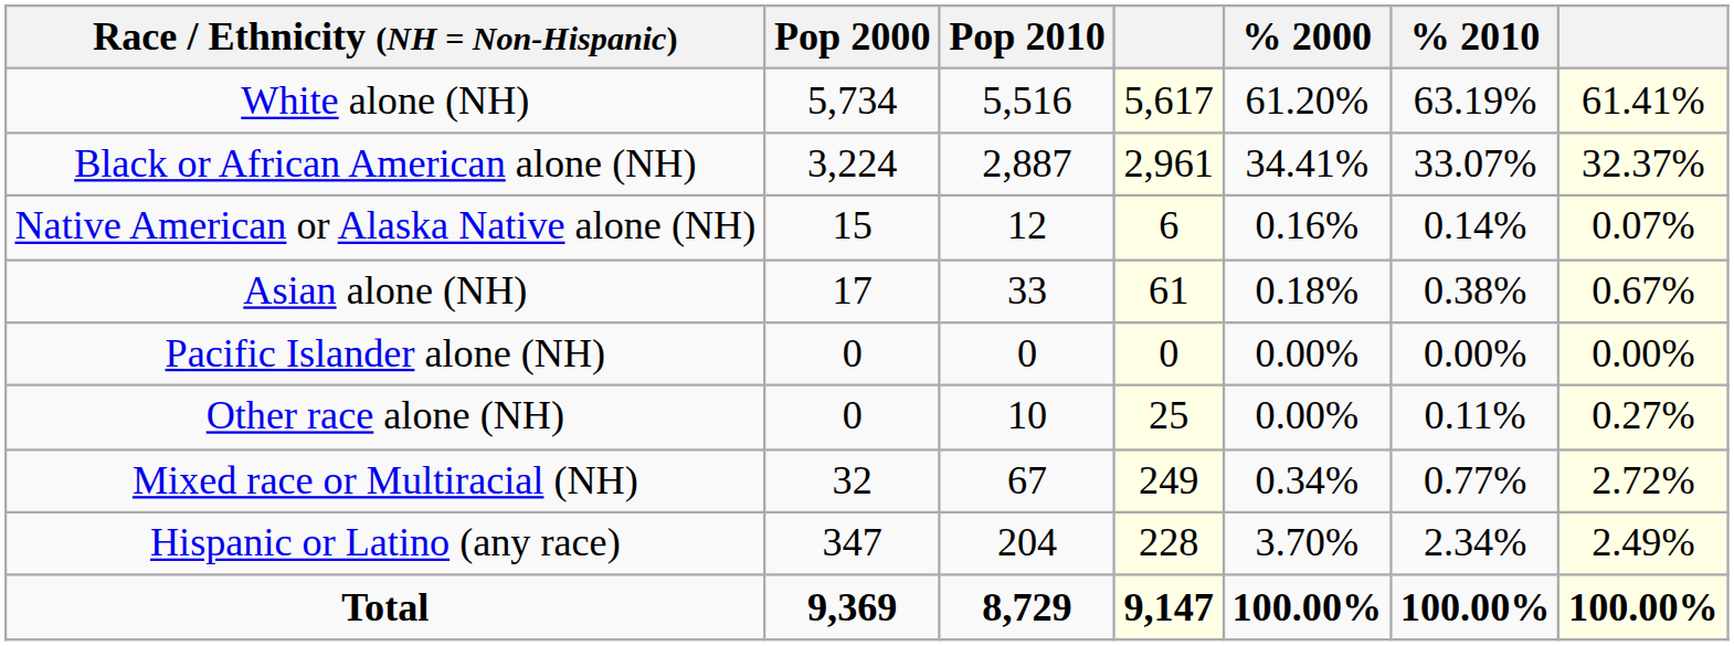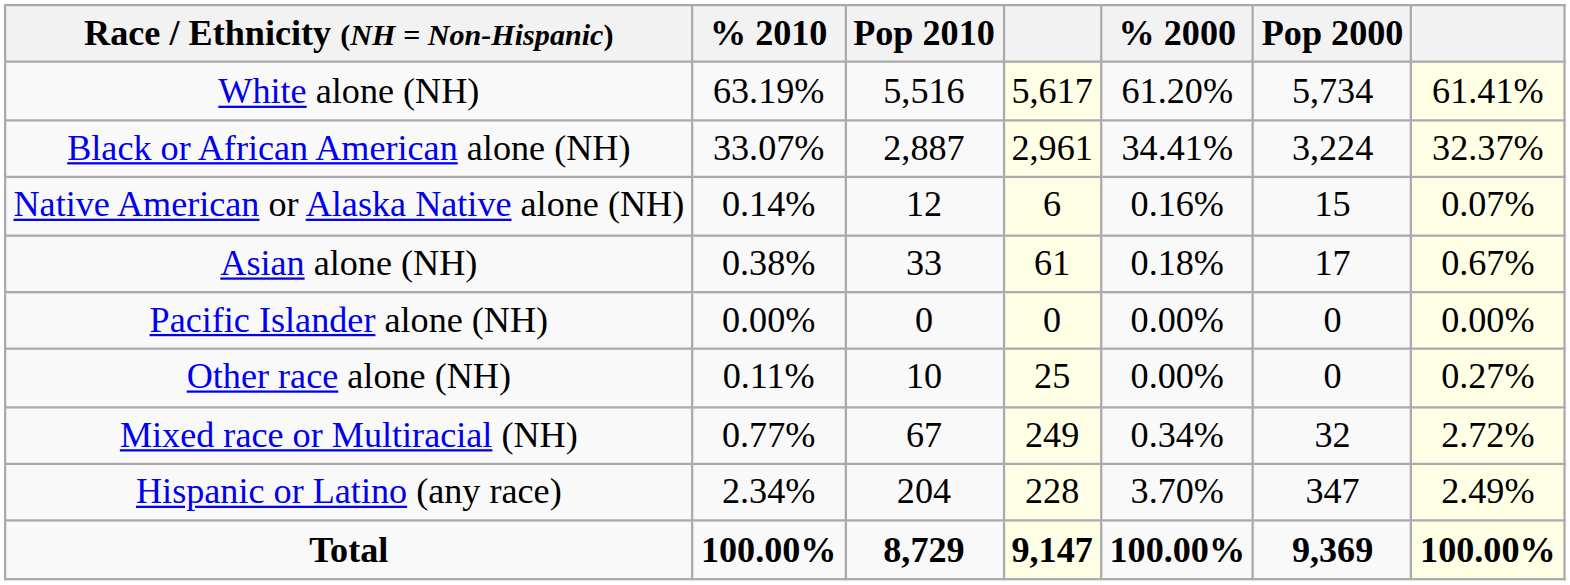 <table class="wikitable" style="text-align:center;">
 <tr>
 <th>Race / Ethnicity <small>(<em>NH = Non-Hispanic</em>)</small></th>
-<th>Pop 2000</th>
+<th>% 2010</th>
 <th>Pop 2010</th>
 <th></th>
 <th>% 2000</th>
-<th>% 2010</th>
+<th>Pop 2000</th>
 <th></th>
 </tr>
 <tr>
 <td><a href='#'>White</a> alone (NH)</td>
-<td>5,734</td>
+<td>63.19%</td>
 <td>5,516</td>
 <td style='background: #ffffe6;'>5,617</td>
 <td>61.20%</td>
-<td>63.19%</td>
+<td>5,734</td>
 <td style='background: #ffffe6;'>61.41%</td>
 </tr>
 <tr>
 <td><a href='#'>Black or African American</a> alone (NH)</td>
-<td>3,224</td>
+<td>33.07%</td>
 <td>2,887</td>
 <td style='background: #ffffe6;'>2,961</td>
 <td>34.41%</td>
-<td>33.07%</td>
+<td>3,224</td>
 <td style='background: #ffffe6;'>32.37%</td>
 </tr>
 <tr>
 <td><a href='#'>Native American</a> or <a href='#'>Alaska Native</a> alone (NH)</td>
-<td>15</td>
+<td>0.14%</td>
 <td>12</td>
 <td style='background: #ffffe6;'>6</td>
 <td>0.16%</td>
-<td>0.14%</td>
+<td>15</td>
 <td style='background: #ffffe6;'>0.07%</td>
 </tr>
 <tr>
 <td><a href='#'>Asian</a> alone (NH)</td>
-<td>17</td>
+<td>0.38%</td>
 <td>33</td>
 <td style='background: #ffffe6;'>61</td>
 <td>0.18%</td>
-<td>0.38%</td>
+<td>17</td>
 <td style='background: #ffffe6;'>0.67%</td>
 </tr>
 <tr>
 <td><a href='#'>Pacific Islander</a> alone (NH)</td>
-<td>0</td>
+<td>0.00%</td>
 <td>0</td>
 <td style='background: #ffffe6;'>0</td>
 <td>0.00%</td>
-<td>0.00%</td>
+<td>0</td>
 <td style='background: #ffffe6;'>0.00%</td>
 </tr>
 <tr>
 <td><a href='#'>Other race</a> alone (NH)</td>
-<td>0</td>
+<td>0.11%</td>
 <td>10</td>
 <td style='background: #ffffe6;'>25</td>
 <td>0.00%</td>
-<td>0.11%</td>
+<td>0</td>
 <td style='background: #ffffe6;'>0.27%</td>
 </tr>
 <tr>
 <td><a href='#'>Mixed race or Multiracial</a> (NH)</td>
-<td>32</td>
+<td>0.77%</td>
 <td>67</td>
 <td style='background: #ffffe6;'>249</td>
 <td>0.34%</td>
-<td>0.77%</td>
+<td>32</td>
 <td style='background: #ffffe6;'>2.72%</td>
 </tr>
 <tr>
 <td><a href='#'>Hispanic or Latino</a> (any race)</td>
-<td>347</td>
+<td>2.34%</td>
 <td>204</td>
 <td style='background: #ffffe6;'>228</td>
 <td>3.70%</td>
-<td>2.34%</td>
+<td>347</td>
 <td style='background: #ffffe6;'>2.49%</td>
 </tr>
 <tr>
 <td><strong>Total</strong></td>
-<td><strong>9,369</strong></td>
+<td><strong>100.00%</strong></td>
 <td><strong>8,729</strong></td>
 <td style='background: #ffffe6;'><strong>9,147</strong></td>
 <td><strong>100.00%</strong></td>
-<td><strong>100.00%</strong></td>
+<td><strong>9,369</strong></td>
 <td style='background: #ffffe6;'><strong>100.00%</strong></td>
 </tr>
 </table>
